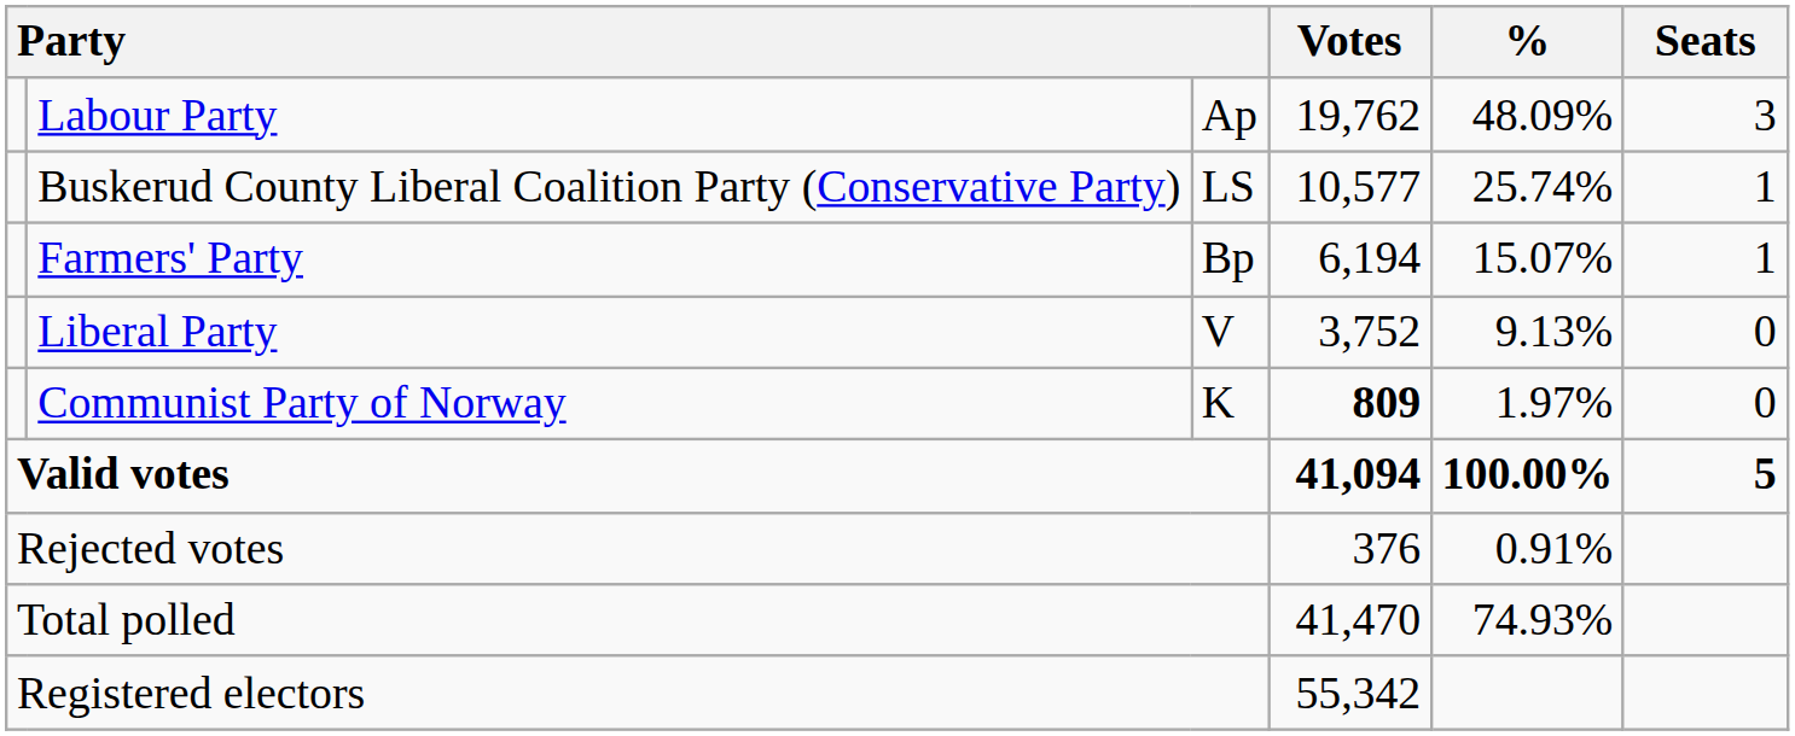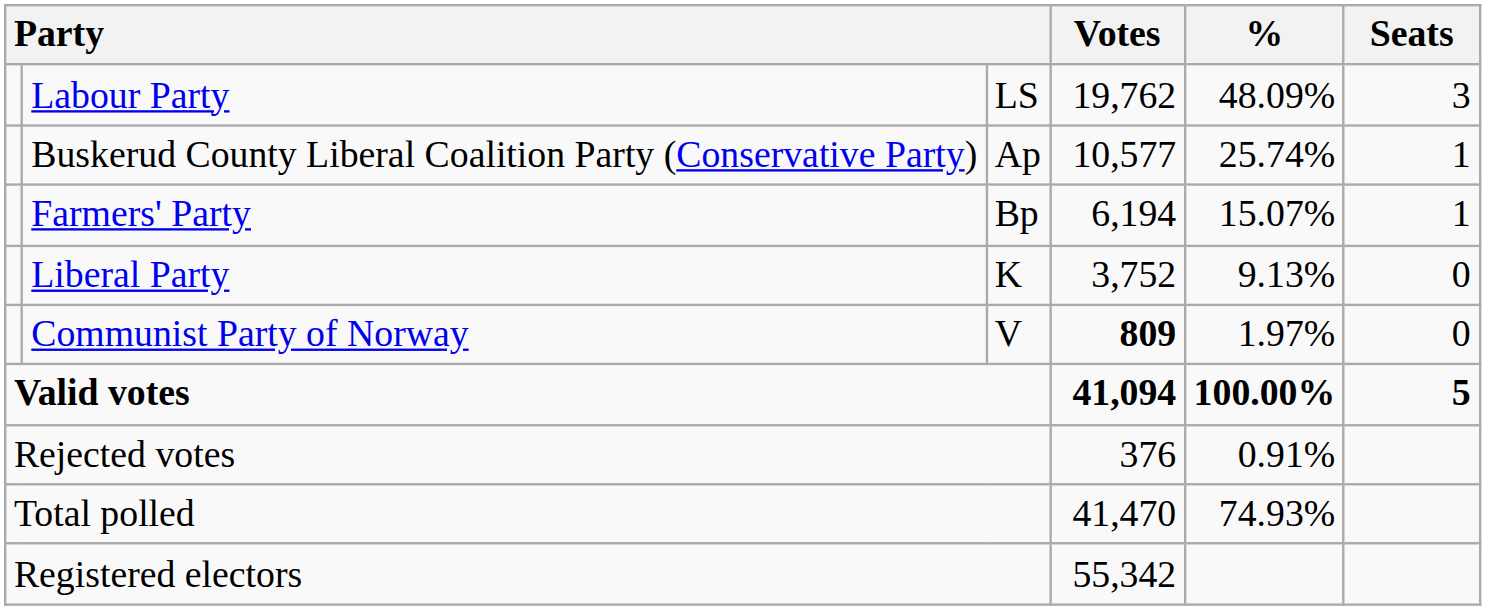 <table class="wikitable" border="1" style="text-align:right;">
 <tr>
 <th style="text-align:left;" colspan=3>Party</th>
 <th align=center width="50">Votes</th>
 <th align=center width="50">%</th>
 <th align=center width="50">Seats</th>
 </tr>
 <tr>
 <td style="color:inherit;background:"></td>
 <td align=left><a href='#'>Labour Party</a></td>
-<td align=left>Ap</td>
+<td align=left>LS</td>
 <td>19,762</td>
 <td>48.09%</td>
 <td>3</td>
 </tr>
 <tr>
 <td></td>
 <td align=left>Buskerud County Liberal Coalition Party (<a href='#'>Conservative Party</a>)</td>
-<td align=left>LS</td>
+<td align=left>Ap</td>
 <td>10,577</td>
 <td>25.74%</td>
 <td>1</td>
 </tr>
 <tr>
 <td style="color:inherit;background:"></td>
 <td align=left><a href='#'>Farmers' Party</a></td>
 <td align=left>Bp</td>
 <td>6,194</td>
 <td>15.07%</td>
 <td>1</td>
 </tr>
 <tr>
 <td style="color:inherit;background:"></td>
 <td align=left><a href='#'>Liberal Party</a></td>
-<td align=left>V</td>
+<td align=left>K</td>
 <td>3,752</td>
 <td>9.13%</td>
 <td>0</td>
 </tr>
 <tr>
 <td style="color:inherit;background:"></td>
 <td align=left><a href='#'>Communist Party of Norway</a></td>
-<td align=left>K</td>
+<td align=left>V</td>
 <td><strong>809</strong></td>
 <td>1.97%</td>
 <td>0</td>
 </tr>
 <tr style="font-weight:bold">
 <td align=left colspan=3>Valid votes</td>
 <td>41,094</td>
 <td>100.00%</td>
 <td>5</td>
 </tr>
 <tr>
 <td align=left colspan=3>Rejected votes</td>
 <td>376</td>
 <td>0.91%</td>
 <td></td>
 </tr>
 <tr>
 <td align=left colspan=3>Total polled</td>
 <td>41,470</td>
 <td>74.93%</td>
 <td></td>
 </tr>
 <tr>
 <td align=left colspan=3>Registered electors</td>
 <td>55,342</td>
 <td></td>
 <td></td>
 </tr>
 </table>
